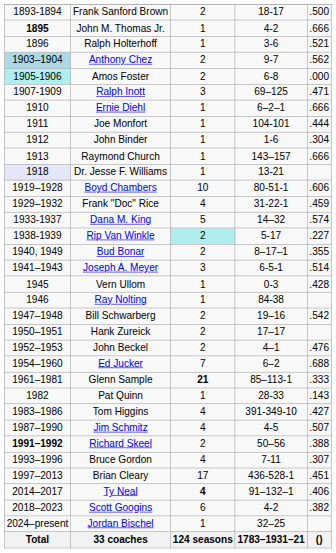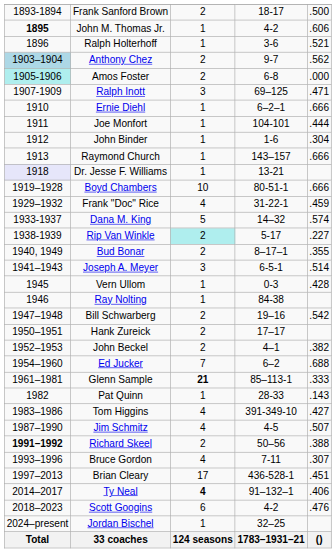 <table class="wikitable sortable">
 <tr>
 </tr>
 <tr style="text-align:center;">
 <td>1893-1894</td>
 <td>Frank Sanford Brown</td>
 <td>2</td>
 <td>18-17</td>
 <td>.500</td>
 </tr>
 <tr style="text-align:center;">
 <td><strong>1895</strong></td>
 <td>John M. Thomas Jr.</td>
 <td>1</td>
 <td>4-2</td>
-<td>.666</td>
+<td>.606</td>
 </tr>
 <tr style="text-align:center;">
 <td>1896</td>
 <td>Ralph Holterhoff</td>
 <td>1</td>
 <td>3-6</td>
 <td>.521</td>
 </tr>
 <tr style="text-align:center;">
 <td style="background: lightblue;">1903–1904</td>
 <td><a href='#'>Anthony Chez</a></td>
 <td>2</td>
 <td>9-7</td>
 <td>.562</td>
 </tr>
 <tr style="text-align:center;">
 <td style="background: paleturquoise;">1905-1906</td>
 <td>Amos Foster</td>
 <td>2</td>
 <td>6-8</td>
 <td>.000</td>
 </tr>
 <tr style="text-align:center;">
 <td>1907-1909</td>
 <td><a href='#'>Ralph Inott</a></td>
 <td>3</td>
 <td>69–125</td>
 <td>.471</td>
 </tr>
 <tr style="text-align:center;">
 <td>1910</td>
 <td><a href='#'>Ernie Diehl</a></td>
 <td>1</td>
 <td>6–2–1</td>
 <td>.666</td>
 </tr>
 <tr style="text-align:center;">
 <td>1911</td>
 <td>Joe Monfort</td>
 <td>1</td>
 <td>104-101</td>
 <td>.444</td>
 </tr>
 <tr style="text-align:center;">
 <td>1912</td>
 <td>John Binder</td>
 <td>1</td>
 <td>1-6</td>
 <td>.304</td>
 </tr>
 <tr style="text-align:center;">
 <td>1913</td>
 <td>Raymond Church</td>
 <td>1</td>
 <td>143–157</td>
 <td>.666</td>
 </tr>
 <tr style="text-align:center;">
 <td style="background: lavender;">1918</td>
 <td>Dr. Jesse F. Williams</td>
 <td>1</td>
 <td>13-21</td>
 <td></td>
 </tr>
 <tr style="text-align:center;">
 <td>1919–1928</td>
 <td><a href='#'>Boyd Chambers</a></td>
 <td>10</td>
 <td>80-51-1</td>
-<td>.606</td>
+<td>.666</td>
 </tr>
 <tr style="text-align:center;">
 <td>1929–1932</td>
 <td>Frank "Doc" Rice</td>
 <td>4</td>
 <td>31-22-1</td>
 <td>.459</td>
 </tr>
 <tr style="text-align:center;">
 <td>1933-1937</td>
 <td><a href='#'>Dana M. King</a></td>
 <td>5</td>
 <td>14–32</td>
 <td>.574</td>
 </tr>
 <tr style="text-align:center;">
 <td>1938-1939</td>
 <td><a href='#'>Rip Van Winkle</a></td>
 <td style="background: paleturquoise;">2</td>
 <td>5-17</td>
 <td>.227</td>
 </tr>
 <tr style="text-align:center;">
 <td>1940, 1949</td>
 <td><a href='#'>Bud Bonar</a></td>
 <td>2</td>
 <td>8–17–1</td>
 <td>.355</td>
 </tr>
 <tr style="text-align:center;">
 <td>1941–1943</td>
 <td><a href='#'>Joseph A. Meyer</a></td>
 <td>3</td>
 <td>6-5-1</td>
 <td>.514</td>
 </tr>
 <tr style="text-align:center;">
 <td>1945</td>
 <td>Vern Ullom</td>
 <td>1</td>
 <td>0-3</td>
 <td>.428</td>
 </tr>
 <tr style="text-align:center;">
 <td>1946</td>
 <td><a href='#'>Ray Nolting</a></td>
 <td>1</td>
 <td>84-38</td>
 <td></td>
 </tr>
 <tr style="text-align:center;">
 <td>1947–1948</td>
 <td>Bill Schwarberg</td>
 <td>2</td>
 <td>19–16</td>
 <td>.542</td>
 </tr>
 <tr style="text-align:center;">
 <td>1950–1951</td>
 <td>Hank Zureick</td>
 <td>2</td>
 <td>17–17</td>
 <td></td>
 </tr>
 <tr style="text-align:center;">
 <td>1952–1953</td>
 <td>John Beckel</td>
 <td>2</td>
 <td>4–1</td>
-<td>.476</td>
+<td>.382</td>
 </tr>
 <tr style="text-align:center;">
 <td>1954–1960</td>
 <td><a href='#'>Ed Jucker</a></td>
 <td>7</td>
 <td>6–2</td>
 <td>.688</td>
 </tr>
 <tr style="text-align:center;">
 <td>1961–1981</td>
 <td>Glenn Sample</td>
 <td><strong>21</strong></td>
 <td>85–113-1</td>
 <td>.333</td>
 </tr>
 <tr style="text-align:center;">
 <td>1982</td>
 <td>Pat Quinn</td>
 <td>1</td>
 <td>28-33</td>
 <td>.143</td>
 </tr>
 <tr style="text-align:center;">
 <td>1983–1986</td>
 <td>Tom Higgins</td>
 <td>4</td>
 <td>391-349-10</td>
 <td>.427</td>
 </tr>
 <tr style="text-align:center;">
 <td>1987–1990</td>
 <td><a href='#'>Jim Schmitz</a></td>
 <td>4</td>
 <td>4-5</td>
 <td>.507</td>
 </tr>
 <tr style="text-align:center;">
 <td><strong>1991–1992</strong></td>
 <td><a href='#'>Richard Skeel</a></td>
 <td>2</td>
 <td>50–56</td>
 <td>.388</td>
 </tr>
 <tr style="text-align:center;">
 <td>1993–1996</td>
 <td>Bruce Gordon</td>
 <td>4</td>
 <td>7-11</td>
 <td>.307</td>
 </tr>
 <tr style="text-align:center;">
 <td>1997–2013</td>
 <td>Brian Cleary</td>
 <td>17</td>
 <td>436-528-1</td>
 <td>.451</td>
 </tr>
 <tr style="text-align:center;">
 <td>2014–2017</td>
 <td><a href='#'>Ty Neal</a></td>
 <td><strong>4</strong></td>
 <td>91–132–1</td>
 <td>.406</td>
 </tr>
 <tr style="text-align:center;">
 <td>2018–2023</td>
 <td><a href='#'>Scott Googins</a></td>
 <td>6</td>
 <td>4-2</td>
-<td>.382</td>
+<td>.476</td>
 </tr>
 <tr style="text-align:center;">
 <td>2024–present</td>
 <td><a href='#'>Jordan Bischel</a></td>
 <td>1</td>
 <td>32–25</td>
 <td></td>
 </tr>
 <tr style="text-align:center;" class="sortbottom">
 <th>Total</th>
 <th>33 coaches</th>
 <th>124 seasons</th>
 <th>1783–1931–21</th>
 <th>()</th>
 </tr>
 </table>
